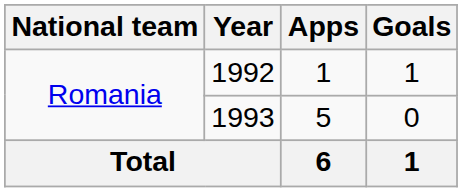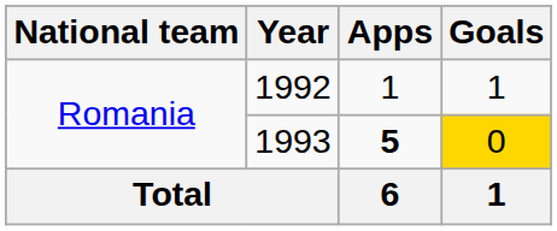 <table class="wikitable" style="text-align:center">
 <tr>
 <th>National team</th>
 <th>Year</th>
 <th>Apps</th>
 <th>Goals</th>
 </tr>
 <tr>
 <td rowspan="2"><a href='#'>Romania</a></td>
 <td>1992</td>
 <td>1</td>
 <td>1</td>
 </tr>
 <tr>
 <td>1993</td>
-<td>5</td>
-<td>0</td>
+<td><strong>5</strong></td>
+<td style="background: gold;">0</td>
 </tr>
 <tr>
 <th colspan="2">Total</th>
 <th>6</th>
 <th>1</th>
 </tr>
 </table>
